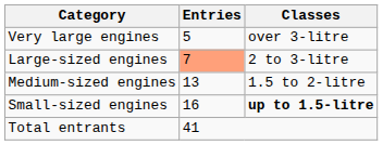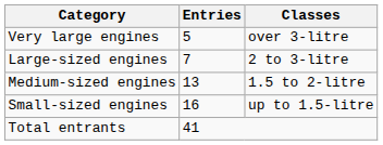 <table class="wikitable" style="font-size: 95%;">
 <tr>
 <th>Category</th>
 <th>Entries</th>
 <th>Classes</th>
 </tr>
 <tr>
 <td>Very large engines</td>
 <td>5</td>
 <td>over 3-litre</td>
 </tr>
 <tr>
 <td>Large-sized engines</td>
-<td style="background: lightsalmon;">7</td>
+<td>7</td>
 <td>2 to 3-litre</td>
 </tr>
 <tr>
 <td>Medium-sized engines</td>
 <td>13</td>
 <td>1.5 to 2-litre</td>
 </tr>
 <tr>
 <td>Small-sized engines</td>
 <td>16</td>
-<td><strong>up to 1.5-litre</strong></td>
+<td>up to 1.5-litre</td>
 </tr>
 <tr>
 <td>Total entrants</td>
 <td colspan=2>41</td>
 </tr>
 </table>
